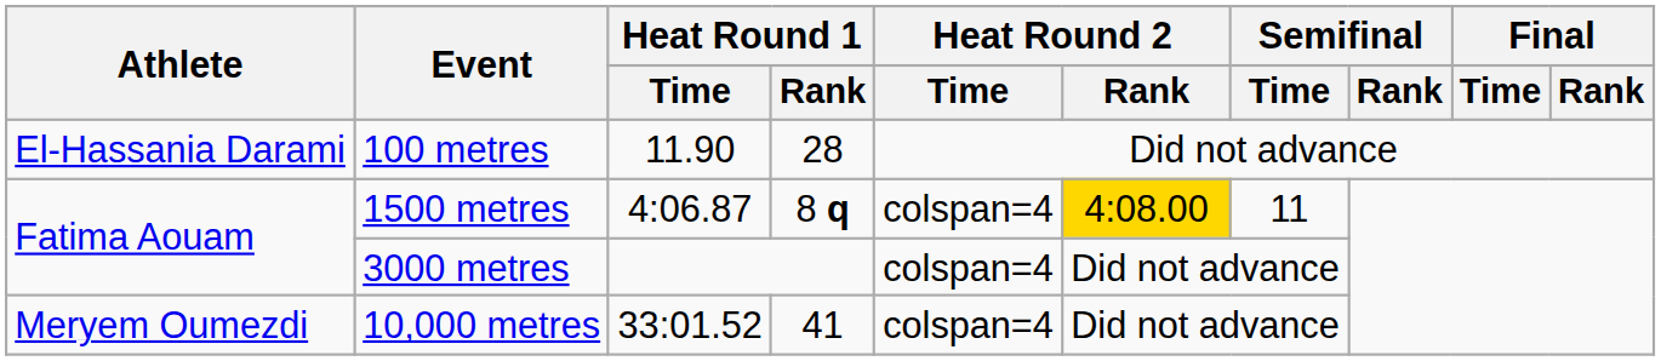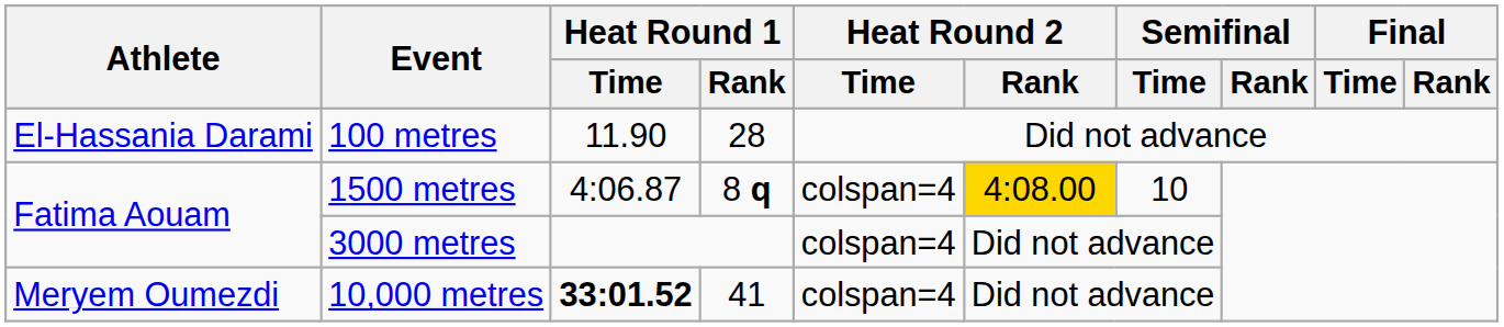 <table class=wikitable style="font-size:90%; text-align:center">
 <tr>
 <th rowspan=2>Athlete</th>
 <th rowspan=2>Event</th>
 <th colspan=2>Heat Round 1</th>
 <th colspan=2>Heat Round 2</th>
 <th colspan=2>Semifinal</th>
 <th colspan=2>Final</th>
 </tr>
 <tr style=font-size:95%>
 <th>Time</th>
 <th>Rank</th>
 <th>Time</th>
 <th>Rank</th>
 <th>Time</th>
 <th>Rank</th>
 <th>Time</th>
 <th>Rank</th>
 </tr>
 <tr align=center>
 <td align=left><a href='#'>El-Hassania Darami</a></td>
 <td align=left><a href='#'>100 metres</a></td>
 <td>11.90</td>
 <td>28</td>
 <td colspan=6>Did not advance</td>
 </tr>
 <tr align=center>
 <td align=left rowspan=2><a href='#'>Fatima Aouam</a></td>
 <td align=left><a href='#'>1500 metres</a></td>
 <td>4:06.87</td>
 <td>8 <strong>q</strong></td>
 <td>colspan=4</td>
 <td style="background: gold;">4:08.00</td>
-<td>11</td>
+<td>10</td>
 </tr>
 <tr align=center>
 <td align=left><a href='#'>3000 metres</a></td>
 <td colspan=2></td>
 <td>colspan=4</td>
 <td colspan=2>Did not advance</td>
 </tr>
 <tr align=center>
 <td align=left><a href='#'>Meryem Oumezdi</a></td>
 <td align=left><a href='#'>10,000 metres</a></td>
-<td>33:01.52</td>
+<td><strong>33:01.52</strong></td>
 <td>41</td>
 <td>colspan=4</td>
 <td colspan=2>Did not advance</td>
 </tr>
 </table>
